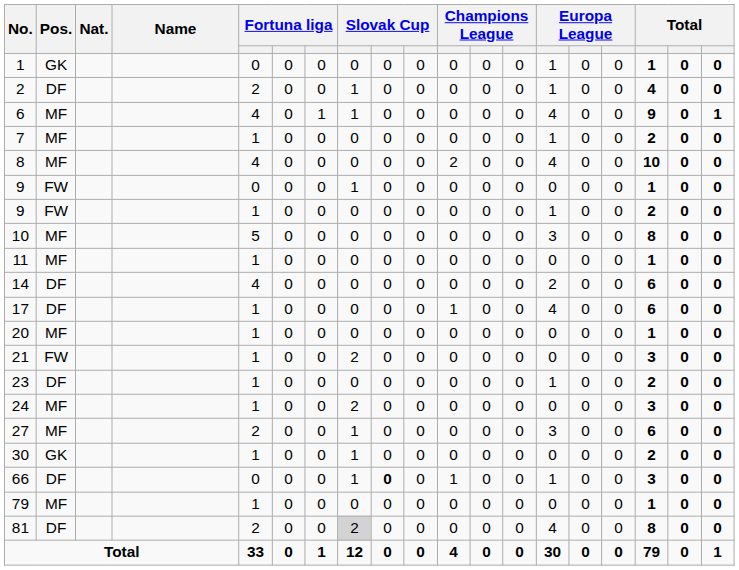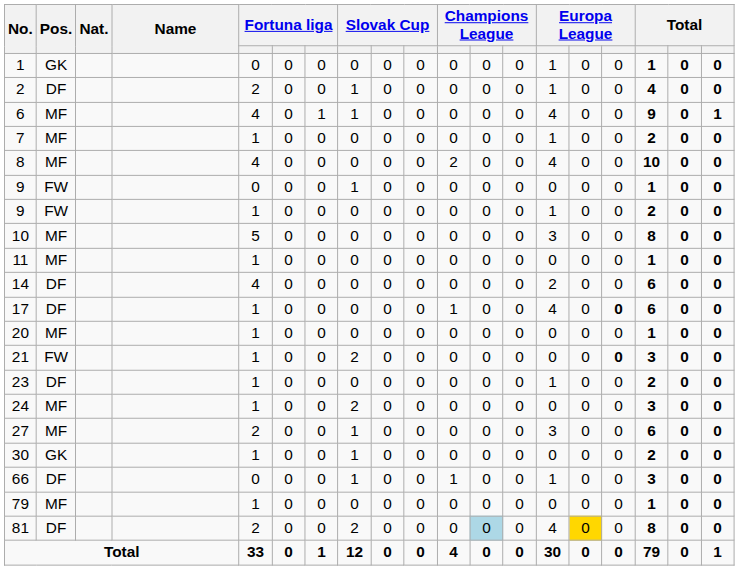 <table class="wikitable sortable" style="text-align: center;">
 <tr>
 <th rowspan="2" style="width:20px;">No.</th>
 <th rowspan="2" style="width:20px;">Pos.</th>
 <th rowspan="2" style="width:20px;">Nat.</th>
 <th rowspan="2" style="width:125px;">Name</th>
 <th colspan="3" style="width:75px;"><a href='#'>Fortuna liga</a></th>
 <th colspan="3" style="width:75px;"><a href='#'>Slovak Cup</a></th>
 <th colspan="3" style="width:75px;"><a href='#'>Champions League</a></th>
 <th colspan="3" style="width:75px;"><a href='#'>Europa League</a></th>
 <th colspan="3" style="width:75px;">Total</th>
 </tr>
 <tr>
 <th width=27></th>
 <th width=27></th>
 <th width=27></th>
 <th width=27></th>
 <th width=27></th>
 <th width=27></th>
 <th width=27></th>
 <th width=27></th>
 <th width=27></th>
 <th width=27></th>
 <th width=27></th>
 <th width=27></th>
 <th width=27></th>
 <th width=27></th>
 <th width=27></th>
 </tr>
 <tr>
 <td>1</td>
 <td>GK</td>
 <td></td>
 <td align=left></td>
 <td>0</td>
 <td>0</td>
 <td>0</td>
 <td>0</td>
 <td>0</td>
 <td>0</td>
 <td>0</td>
 <td>0</td>
 <td>0</td>
 <td>1</td>
 <td>0</td>
 <td>0</td>
 <td><strong>1</strong></td>
 <td><strong>0</strong></td>
 <td><strong>0</strong></td>
 </tr>
 <tr>
 <td>2</td>
 <td>DF</td>
 <td></td>
 <td align=left></td>
 <td>2</td>
 <td>0</td>
 <td>0</td>
 <td>1</td>
 <td>0</td>
 <td>0</td>
 <td>0</td>
 <td>0</td>
 <td>0</td>
 <td>1</td>
 <td>0</td>
 <td>0</td>
 <td><strong>4</strong></td>
 <td><strong>0</strong></td>
 <td><strong>0</strong></td>
 </tr>
 <tr>
 <td>6</td>
 <td>MF</td>
 <td></td>
 <td align=left></td>
 <td>4</td>
 <td>0</td>
 <td>1</td>
 <td>1</td>
 <td>0</td>
 <td>0</td>
 <td>0</td>
 <td>0</td>
 <td>0</td>
 <td>4</td>
 <td>0</td>
 <td>0</td>
 <td><strong>9</strong></td>
 <td><strong>0</strong></td>
 <td><strong>1</strong></td>
 </tr>
 <tr>
 <td>7</td>
 <td>MF</td>
 <td></td>
 <td align=left></td>
 <td>1</td>
 <td>0</td>
 <td>0</td>
 <td>0</td>
 <td>0</td>
 <td>0</td>
 <td>0</td>
 <td>0</td>
 <td>0</td>
 <td>1</td>
 <td>0</td>
 <td>0</td>
 <td><strong>2</strong></td>
 <td><strong>0</strong></td>
 <td><strong>0</strong></td>
 </tr>
 <tr>
 <td>8</td>
 <td>MF</td>
 <td></td>
 <td align=left></td>
 <td>4</td>
 <td>0</td>
 <td>0</td>
 <td>0</td>
 <td>0</td>
 <td>0</td>
 <td>2</td>
 <td>0</td>
 <td>0</td>
 <td>4</td>
 <td>0</td>
 <td>0</td>
 <td><strong>10</strong></td>
 <td><strong>0</strong></td>
 <td><strong>0</strong></td>
 </tr>
 <tr>
 <td>9</td>
 <td>FW</td>
 <td></td>
 <td align=left></td>
 <td>0</td>
 <td>0</td>
 <td>0</td>
 <td>1</td>
 <td>0</td>
 <td>0</td>
 <td>0</td>
 <td>0</td>
 <td>0</td>
 <td>0</td>
 <td>0</td>
 <td>0</td>
 <td><strong>1</strong></td>
 <td><strong>0</strong></td>
 <td><strong>0</strong></td>
 </tr>
 <tr>
 <td>9</td>
 <td>FW</td>
 <td></td>
 <td align=left></td>
 <td>1</td>
 <td>0</td>
 <td>0</td>
 <td>0</td>
 <td>0</td>
 <td>0</td>
 <td>0</td>
 <td>0</td>
 <td>0</td>
 <td>1</td>
 <td>0</td>
 <td>0</td>
 <td><strong>2</strong></td>
 <td><strong>0</strong></td>
 <td><strong>0</strong></td>
 </tr>
 <tr>
 <td>10</td>
 <td>MF</td>
 <td></td>
 <td align=left></td>
 <td>5</td>
 <td>0</td>
 <td>0</td>
 <td>0</td>
 <td>0</td>
 <td>0</td>
 <td>0</td>
 <td>0</td>
 <td>0</td>
 <td>3</td>
 <td>0</td>
 <td>0</td>
 <td><strong>8</strong></td>
 <td><strong>0</strong></td>
 <td><strong>0</strong></td>
 </tr>
 <tr>
 <td>11</td>
 <td>MF</td>
 <td></td>
 <td align=left></td>
 <td>1</td>
 <td>0</td>
 <td>0</td>
 <td>0</td>
 <td>0</td>
 <td>0</td>
 <td>0</td>
 <td>0</td>
 <td>0</td>
 <td>0</td>
 <td>0</td>
 <td>0</td>
 <td><strong>1</strong></td>
 <td><strong>0</strong></td>
 <td><strong>0</strong></td>
 </tr>
 <tr>
 <td>14</td>
 <td>DF</td>
 <td></td>
 <td align=left></td>
 <td>4</td>
 <td>0</td>
 <td>0</td>
 <td>0</td>
 <td>0</td>
 <td>0</td>
 <td>0</td>
 <td>0</td>
 <td>0</td>
 <td>2</td>
 <td>0</td>
 <td>0</td>
 <td><strong>6</strong></td>
 <td><strong>0</strong></td>
 <td><strong>0</strong></td>
 </tr>
 <tr>
 <td>17</td>
 <td>DF</td>
 <td></td>
 <td align=left></td>
 <td>1</td>
 <td>0</td>
 <td>0</td>
 <td>0</td>
 <td>0</td>
 <td>0</td>
 <td>1</td>
 <td>0</td>
 <td>0</td>
 <td>4</td>
 <td>0</td>
-<td>0</td>
+<td><strong>0</strong></td>
 <td><strong>6</strong></td>
 <td><strong>0</strong></td>
 <td><strong>0</strong></td>
 </tr>
 <tr>
 <td>20</td>
 <td>MF</td>
 <td></td>
 <td align=left></td>
 <td>1</td>
 <td>0</td>
 <td>0</td>
 <td>0</td>
 <td>0</td>
 <td>0</td>
 <td>0</td>
 <td>0</td>
 <td>0</td>
 <td>0</td>
 <td>0</td>
 <td>0</td>
 <td><strong>1</strong></td>
 <td><strong>0</strong></td>
 <td><strong>0</strong></td>
 </tr>
 <tr>
 <td>21</td>
 <td>FW</td>
 <td></td>
 <td align=left></td>
 <td>1</td>
 <td>0</td>
 <td>0</td>
 <td>2</td>
 <td>0</td>
 <td>0</td>
 <td>0</td>
 <td>0</td>
 <td>0</td>
 <td>0</td>
 <td>0</td>
-<td>0</td>
+<td><strong>0</strong></td>
 <td><strong>3</strong></td>
 <td><strong>0</strong></td>
 <td><strong>0</strong></td>
 </tr>
 <tr>
 <td>23</td>
 <td>DF</td>
 <td></td>
 <td align=left></td>
 <td>1</td>
 <td>0</td>
 <td>0</td>
 <td>0</td>
 <td>0</td>
 <td>0</td>
 <td>0</td>
 <td>0</td>
 <td>0</td>
 <td>1</td>
 <td>0</td>
 <td>0</td>
 <td><strong>2</strong></td>
 <td><strong>0</strong></td>
 <td><strong>0</strong></td>
 </tr>
 <tr>
 <td>24</td>
 <td>MF</td>
 <td></td>
 <td align=left></td>
 <td>1</td>
 <td>0</td>
 <td>0</td>
 <td>2</td>
 <td>0</td>
 <td>0</td>
 <td>0</td>
 <td>0</td>
 <td>0</td>
 <td>0</td>
 <td>0</td>
 <td>0</td>
 <td><strong>3</strong></td>
 <td><strong>0</strong></td>
 <td><strong>0</strong></td>
 </tr>
 <tr>
 <td>27</td>
 <td>MF</td>
 <td></td>
 <td align=left></td>
 <td>2</td>
 <td>0</td>
 <td>0</td>
 <td>1</td>
 <td>0</td>
 <td>0</td>
 <td>0</td>
 <td>0</td>
 <td>0</td>
 <td>3</td>
 <td>0</td>
 <td>0</td>
 <td><strong>6</strong></td>
 <td><strong>0</strong></td>
 <td><strong>0</strong></td>
 </tr>
 <tr>
 <td>30</td>
 <td>GK</td>
 <td></td>
 <td align=left></td>
 <td>1</td>
 <td>0</td>
 <td>0</td>
 <td>1</td>
 <td>0</td>
 <td>0</td>
 <td>0</td>
 <td>0</td>
 <td>0</td>
 <td>0</td>
 <td>0</td>
 <td>0</td>
 <td><strong>2</strong></td>
 <td><strong>0</strong></td>
 <td><strong>0</strong></td>
 </tr>
 <tr>
 <td>66</td>
 <td>DF</td>
 <td></td>
 <td align=left></td>
 <td>0</td>
 <td>0</td>
 <td>0</td>
 <td>1</td>
-<td><strong>0</strong></td>
+<td>0</td>
 <td>0</td>
 <td>1</td>
 <td>0</td>
 <td>0</td>
 <td>1</td>
 <td>0</td>
 <td>0</td>
 <td><strong>3</strong></td>
 <td><strong>0</strong></td>
 <td><strong>0</strong></td>
 </tr>
 <tr>
 <td>79</td>
 <td>MF</td>
 <td></td>
 <td align=left></td>
 <td>1</td>
 <td>0</td>
 <td>0</td>
 <td>0</td>
 <td>0</td>
 <td>0</td>
 <td>0</td>
 <td>0</td>
 <td>0</td>
 <td>0</td>
 <td>0</td>
 <td>0</td>
 <td><strong>1</strong></td>
 <td><strong>0</strong></td>
 <td><strong>0</strong></td>
 </tr>
 <tr>
 <td>81</td>
 <td>DF</td>
 <td></td>
 <td align=left></td>
 <td>2</td>
 <td>0</td>
 <td>0</td>
-<td style="background: lightgrey;">2</td>
+<td>2</td>
 <td>0</td>
 <td>0</td>
 <td>0</td>
-<td>0</td>
+<td style="background: lightblue;">0</td>
 <td>0</td>
 <td>4</td>
-<td>0</td>
+<td style="background: gold;">0</td>
 <td>0</td>
 <td><strong>8</strong></td>
 <td><strong>0</strong></td>
 <td><strong>0</strong></td>
 </tr>
 <tr>
 <td colspan="4"><strong>Total</strong></td>
 <td><strong>33</strong></td>
 <td><strong>0</strong></td>
 <td><strong>1</strong></td>
 <td><strong>12</strong></td>
 <td><strong>0</strong></td>
 <td><strong>0</strong></td>
 <td><strong>4</strong></td>
 <td><strong>0</strong></td>
 <td><strong>0</strong></td>
 <td><strong>30</strong></td>
 <td><strong>0</strong></td>
 <td><strong>0</strong></td>
 <td><strong>79</strong></td>
 <td><strong>0</strong></td>
 <td><strong>1</strong></td>
 </tr>
 </table>
